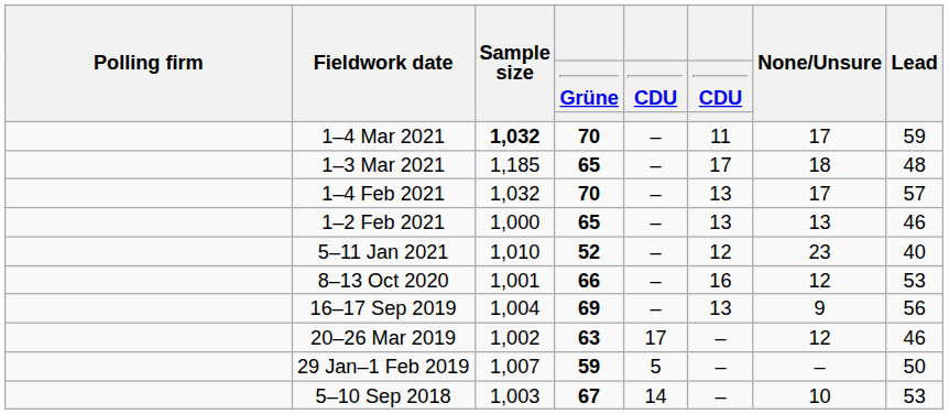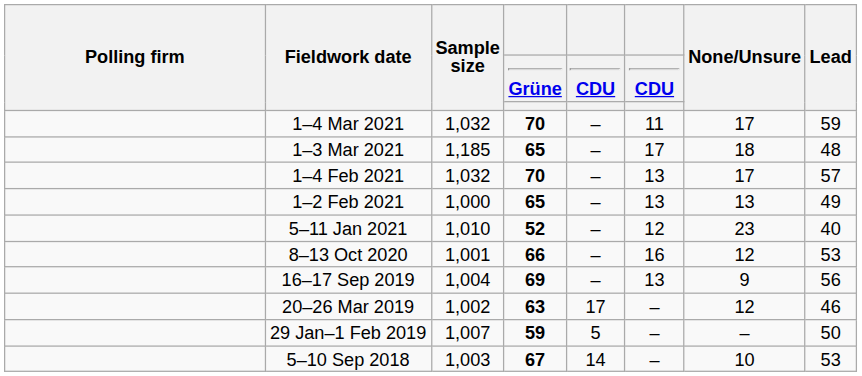 <table class="wikitable sortable" style="text-align:center;font-size:90%;line-height:14px;">
 <tr style="height:40px;">
 <th style="width:200px;" rowspan="3">Polling firm</th>
 <th style="width:125px;" rowspan="3">Fieldwork date</th>
 <th style="width:35px;" rowspan="3">Sample<br>size</th>
 <th class="unsortable" style="width:40px;"></th>
 <th class="unsortable" style="width:40px;"></th>
 <th class="unsortable" style="width:40px;"></th>
 <th class="unsortable" style="width:40px;" rowspan="3">None/Unsure</th>
 <th style="width:30px;" rowspan="3">Lead</th>
 </tr>
 <tr>
 <th class="unsortable" style="width:40px;"><hr><a href='#'>Grüne</a></th>
 <th class="unsortable" style="width:40px;"><hr><a href='#'>CDU</a></th>
 <th class="unsortable" style="width:40px;"><hr><a href='#'>CDU</a></th>
 </tr>
 <tr>
 <th style="background:"></th>
 <th style="background:"></th>
 <th style="background:"></th>
 </tr>
 <tr>
 <td></td>
 <td data-sort-value="2021-03-05">1–4 Mar 2021</td>
-<td><strong>1,032</strong></td>
+<td>1,032</td>
 <td><strong>70</strong></td>
 <td>–</td>
 <td>11</td>
 <td>17</td>
 <td style="background:">59</td>
 </tr>
 <tr>
 <td></td>
 <td data-sort-value="2021-03-04">1–3 Mar 2021</td>
 <td>1,185</td>
 <td><strong>65</strong></td>
 <td>–</td>
 <td>17</td>
 <td>18</td>
 <td style="background:">48</td>
 </tr>
 <tr>
 <td></td>
 <td data-sort-value="2021-02-05">1–4 Feb 2021</td>
 <td>1,032</td>
 <td><strong>70</strong></td>
 <td>–</td>
 <td>13</td>
 <td>17</td>
 <td style="background:">57</td>
 </tr>
 <tr>
 <td></td>
 <td data-sort-value="2021-02-04">1–2 Feb 2021</td>
 <td>1,000</td>
 <td><strong>65</strong></td>
 <td>–</td>
 <td>13</td>
 <td>13</td>
-<td style="background:">46</td>
+<td style="background:">49</td>
 </tr>
 <tr>
 <td></td>
 <td data-sort-value="2021-01-13">5–11 Jan 2021</td>
 <td>1,010</td>
 <td><strong>52</strong></td>
 <td>–</td>
 <td>12</td>
 <td>23</td>
 <td style="background:">40</td>
 </tr>
 <tr>
 <td></td>
 <td data-sort-value="2020-10-15">8–13 Oct 2020</td>
 <td>1,001</td>
 <td><strong>66</strong></td>
 <td>–</td>
 <td>16</td>
 <td>12</td>
 <td style="background:">53</td>
 </tr>
 <tr>
 <td></td>
 <td data-sort-value="2019-09-19">16–17 Sep 2019</td>
 <td>1,004</td>
 <td><strong>69</strong></td>
 <td>–</td>
 <td>13</td>
 <td>9</td>
 <td style="background:">56</td>
 </tr>
 <tr>
 <td></td>
 <td data-sort-value="2019-03-28">20–26 Mar 2019</td>
 <td>1,002</td>
 <td><strong>63</strong></td>
 <td>17</td>
 <td>–</td>
 <td>12</td>
 <td style="background:">46</td>
 </tr>
 <tr>
 <td></td>
 <td data-sort-value="2019-02-04">29 Jan–1 Feb 2019</td>
 <td>1,007</td>
 <td><strong>59</strong></td>
 <td>5</td>
 <td>–</td>
 <td>–</td>
 <td style="background:">50</td>
 </tr>
 <tr>
 <td></td>
 <td data-sort-value="2018-09-12">5–10 Sep 2018</td>
 <td>1,003</td>
 <td><strong>67</strong></td>
 <td>14</td>
 <td>–</td>
 <td>10</td>
 <td style="background:">53</td>
 </tr>
 </table>
